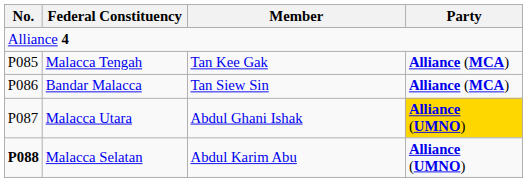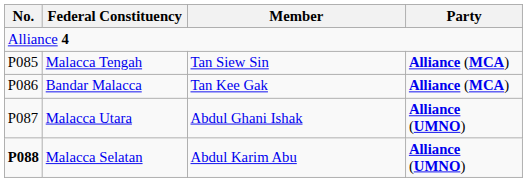 <table class="wikitable sortable">
 <tr>
 <th style="width:30px;">No.</th>
 <th style="width:150px;">Federal Constituency</th>
 <th style="width:230px;">Member</th>
 <th style="width:120px;">Party</th>
 </tr>
 <tr>
 <td colspan="4"><a href='#'>Alliance</a> <strong>4</strong></td>
 </tr>
 <tr>
 <td>P085</td>
 <td><a href='#'>Malacca Tengah</a></td>
-<td><a href='#'>Tan Kee Gak</a></td>
+<td><a href='#'>Tan Siew Sin</a></td>
 <td><strong><a href='#'>Alliance</a></strong> (<strong><a href='#'>MCA</a></strong>)</td>
 </tr>
 <tr>
 <td>P086</td>
 <td><a href='#'>Bandar Malacca</a></td>
-<td><a href='#'>Tan Siew Sin</a></td>
+<td><a href='#'>Tan Kee Gak</a></td>
 <td><strong><a href='#'>Alliance</a></strong> (<strong><a href='#'>MCA</a></strong>)</td>
 </tr>
 <tr>
 <td>P087</td>
 <td><a href='#'>Malacca Utara</a></td>
 <td><a href='#'>Abdul Ghani Ishak</a></td>
-<td style="background: gold;"><strong><a href='#'>Alliance</a></strong> (<strong><a href='#'>UMNO</a></strong>)</td>
+<td><strong><a href='#'>Alliance</a></strong> (<strong><a href='#'>UMNO</a></strong>)</td>
 </tr>
 <tr>
 <td><strong>P088</strong></td>
 <td><a href='#'>Malacca Selatan</a></td>
 <td><a href='#'>Abdul Karim Abu</a></td>
 <td><strong><a href='#'>Alliance</a></strong> (<strong><a href='#'>UMNO</a></strong>)</td>
 </tr>
 </table>
